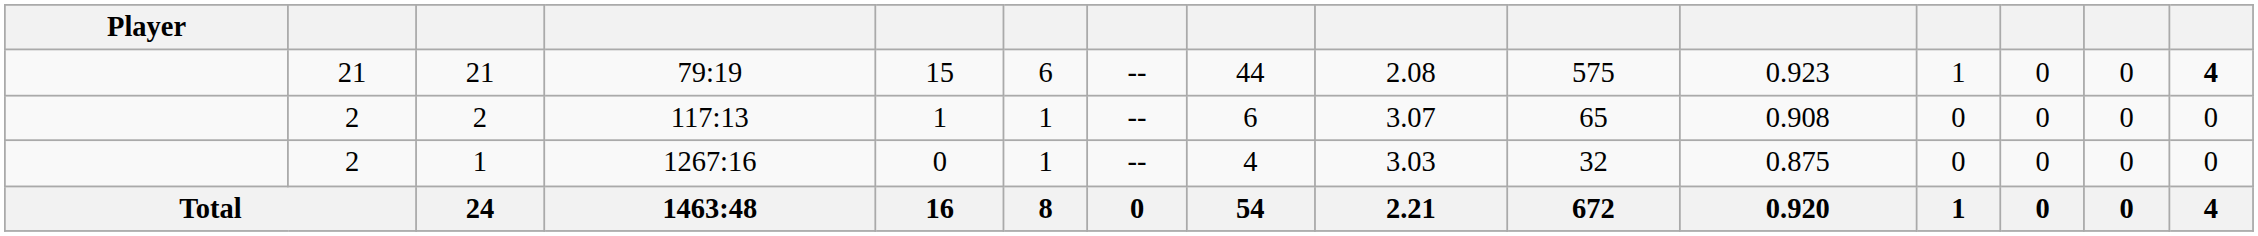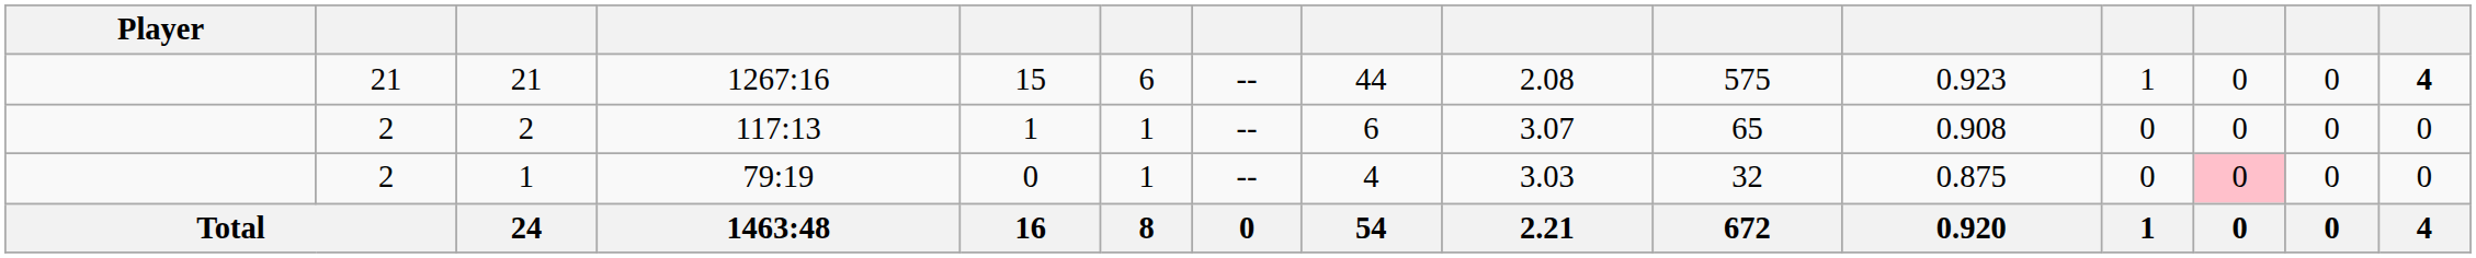 <table class="wikitable sortable" style="width:100%; text-align:center;">
 <tr>
 <th>Player</th>
 <th></th>
 <th></th>
 <th></th>
 <th></th>
 <th></th>
 <th></th>
 <th></th>
 <th></th>
 <th></th>
 <th></th>
 <th></th>
 <th></th>
 <th></th>
 <th></th>
 </tr>
 <tr>
 <td></td>
 <td>21</td>
 <td>21</td>
-<td>79:19</td>
+<td>1267:16</td>
 <td>15</td>
 <td>6</td>
 <td>--</td>
 <td>44</td>
 <td>2.08</td>
 <td>575</td>
 <td>0.923</td>
 <td>1</td>
 <td>0</td>
 <td>0</td>
 <td><strong>4</strong></td>
 </tr>
 <tr>
 <td></td>
 <td>2</td>
 <td>2</td>
 <td>117:13</td>
 <td>1</td>
 <td>1</td>
 <td>--</td>
 <td>6</td>
 <td>3.07</td>
 <td>65</td>
 <td>0.908</td>
 <td>0</td>
 <td>0</td>
 <td>0</td>
 <td>0</td>
 </tr>
 <tr>
 <td></td>
 <td>2</td>
 <td>1</td>
-<td>1267:16</td>
+<td>79:19</td>
 <td>0</td>
 <td>1</td>
 <td>--</td>
 <td>4</td>
 <td>3.03</td>
 <td>32</td>
 <td>0.875</td>
 <td>0</td>
-<td>0</td>
+<td style="background: pink;">0</td>
 <td>0</td>
 <td>0</td>
 </tr>
 <tr class="sortbottom">
 <th colspan=2>Total</th>
 <th>24</th>
 <th>1463:48</th>
 <th>16</th>
 <th>8</th>
 <th>0</th>
 <th>54</th>
 <th>2.21</th>
 <th>672</th>
 <th>0.920</th>
 <th>1</th>
 <th>0</th>
 <th>0</th>
 <th>4</th>
 </tr>
 </table>
